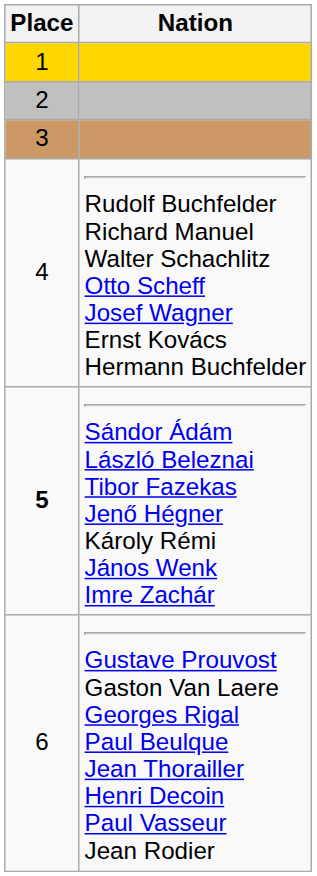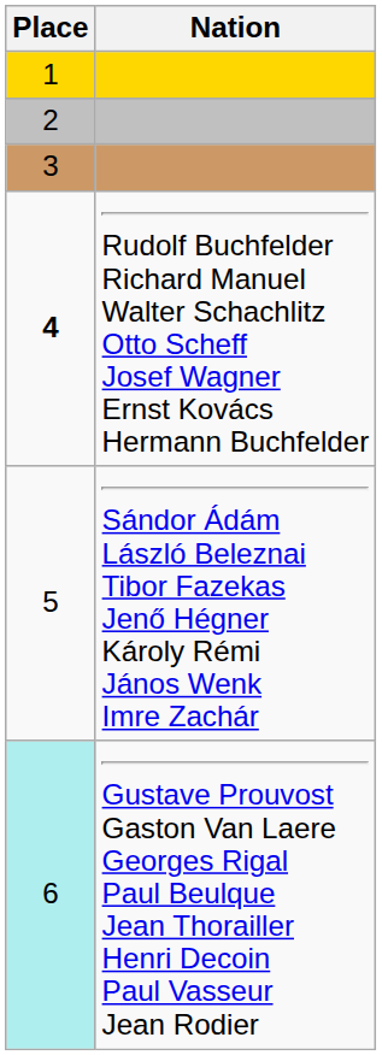 <table class="wikitable">
 <tr>
 <th>Place</th>
 <th>Nation</th>
 </tr>
 <tr align=center bgcolor=gold>
 <td>1</td>
 <td align=left></td>
 </tr>
 <tr align=center bgcolor=silver>
 <td>2</td>
 <td align=left></td>
 </tr>
 <tr align=center bgcolor=cc9966>
 <td>3</td>
 <td align=left></td>
 </tr>
 <tr align=center>
-<td>4</td>
+<td><strong>4</strong></td>
 <td align=left><hr>Rudolf Buchfelder<br>Richard Manuel<br>Walter Schachlitz<br><a href='#'>Otto Scheff</a><br><a href='#'>Josef Wagner</a><br>Ernst Kovács<br>Hermann Buchfelder</td>
 </tr>
 <tr align=center>
-<td><strong>5</strong></td>
+<td>5</td>
 <td align=left><hr><a href='#'>Sándor Ádám</a><br><a href='#'>László Beleznai</a><br><a href='#'>Tibor Fazekas</a><br><a href='#'>Jenő Hégner</a><br>Károly Rémi<br><a href='#'>János Wenk</a><br><a href='#'>Imre Zachár</a></td>
 </tr>
 <tr align=center>
-<td>6</td>
+<td style="background: paleturquoise;">6</td>
 <td align=left><hr><a href='#'>Gustave Prouvost</a><br>Gaston Van Laere<br><a href='#'>Georges Rigal</a><br><a href='#'>Paul Beulque</a><br><a href='#'>Jean Thorailler</a><br><a href='#'>Henri Decoin</a><br><a href='#'>Paul Vasseur</a><br>Jean Rodier</td>
 </tr>
 </table>
